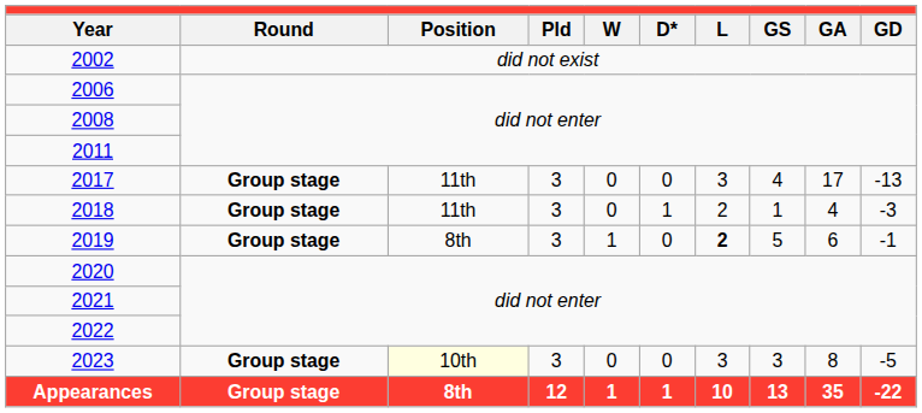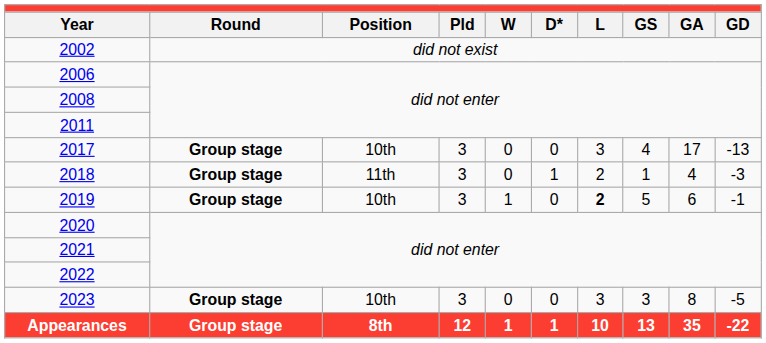 <table class="wikitable" style="text-align: center;font-size:90%;">
 <tr>
 <th colspan="10" style="background: #FC3D32; color: #FFFFFF;"><a href='#'></a></th>
 </tr>
 <tr>
 <th width=125>Year</th>
 <th width=150>Round</th>
 <th width=100>Position</th>
 <th width=35>Pld</th>
 <th width=35>W</th>
 <th width=35>D*</th>
 <th width=35>L</th>
 <th width=35>GS</th>
 <th width=35>GA</th>
 <th width=35>GD</th>
 </tr>
 <tr>
 <td> <a href='#'>2002</a></td>
 <td colspan ="10"><em>did not exist</em></td>
 </tr>
 <tr>
 <td> <a href='#'>2006</a></td>
 <td colspan ="10" rowspan="3"><em>did not enter</em></td>
 </tr>
 <tr>
 <td> <a href='#'>2008</a></td>
 </tr>
 <tr>
 <td> <a href='#'>2011</a></td>
 </tr>
 <tr>
 <td> <a href='#'>2017</a></td>
 <td><strong>Group stage</strong></td>
-<td>11th</td>
+<td>10th</td>
 <td>3</td>
 <td>0</td>
 <td>0</td>
 <td>3</td>
 <td>4</td>
 <td>17</td>
 <td>-13</td>
 </tr>
 <tr>
 <td> <a href='#'>2018</a></td>
 <td><strong>Group stage</strong></td>
 <td>11th</td>
 <td>3</td>
 <td>0</td>
 <td>1</td>
 <td>2</td>
 <td>1</td>
 <td>4</td>
 <td>-3</td>
 </tr>
 <tr>
 <td> <a href='#'>2019</a></td>
 <td><strong>Group stage</strong></td>
-<td>8th</td>
+<td>10th</td>
 <td>3</td>
 <td>1</td>
 <td>0</td>
 <td><strong>2</strong></td>
 <td>5</td>
 <td>6</td>
 <td>-1</td>
 </tr>
 <tr>
 <td> <a href='#'>2020</a></td>
 <td colspan ="10" rowspan="3"><em>did not enter</em></td>
 </tr>
 <tr>
 <td> <a href='#'>2021</a></td>
 </tr>
 <tr>
 <td> <a href='#'>2022</a></td>
 </tr>
 <tr>
 <td> <a href='#'>2023</a></td>
 <td><strong>Group stage</strong></td>
-<td style="background: lightyellow;">10th</td>
+<td>10th</td>
 <td>3</td>
 <td>0</td>
 <td>0</td>
 <td>3</td>
 <td>3</td>
 <td>8</td>
 <td>-5</td>
 </tr>
 <tr>
 <td colspan=1 style="background: #FC3D32; color: #FFFFFF;"><strong>Appearances</strong></td>
 <td style="background: #FC3D32; color: #FFFFFF;"><strong>Group stage</strong></td>
 <td style="background: #FC3D32; color: #FFFFFF;"><strong>8th</strong></td>
 <td style="background: #FC3D32; color: #FFFFFF;"><strong>12</strong></td>
 <td style="background: #FC3D32; color: #FFFFFF;"><strong>1</strong></td>
 <td style="background: #FC3D32; color: #FFFFFF;"><strong>1</strong></td>
 <td style="background: #FC3D32; color: #FFFFFF;"><strong>10</strong></td>
 <td style="background: #FC3D32; color: #FFFFFF;"><strong>13</strong></td>
 <td style="background: #FC3D32; color: #FFFFFF;"><strong>35</strong></td>
 <td style="background: #FC3D32; color: #FFFFFF;"><strong>-22</strong></td>
 </tr>
 </table>
